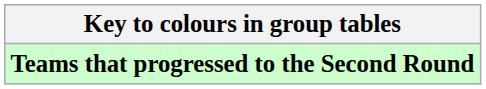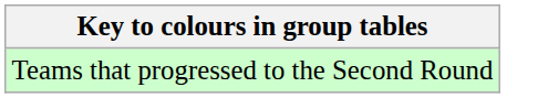 <table class="wikitable">
 <tr>
 <th>Key to colours in group tables</th>
 </tr>
 <tr bgcolor=#ccffcc>
-<td><strong>Teams that progressed to the Second Round</strong></td>
+<td>Teams that progressed to the Second Round</td>
 </tr>
 </table>
